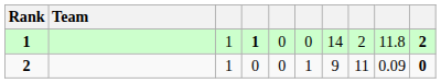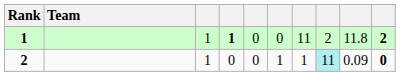 <table class="wikitable" style="text-align: center;">
 <tr>
 <th width=30>Rank</th>
 <th width=165 style="text-align:left;">Team</th>
 <th width=20></th>
 <th width=20></th>
 <th width=20></th>
 <th width=20></th>
 <th width=20></th>
 <th width=20></th>
 <th width=20></th>
 <th width=20></th>
 </tr>
 <tr style="background:#ccffcc;">
 <td><strong>1</strong></td>
 <td style="text-align:left;"></td>
 <td>1</td>
 <td><strong>1</strong></td>
 <td>0</td>
 <td>0</td>
-<td>14</td>
+<td>11</td>
 <td>2</td>
 <td>11.8</td>
 <td><strong>2</strong></td>
 </tr>
 <tr>
 <td><strong>2</strong></td>
 <td style="text-align:left;"></td>
 <td>1</td>
 <td>0</td>
 <td>0</td>
 <td>1</td>
-<td>9</td>
-<td>11</td>
+<td>1</td>
+<td style="background: paleturquoise;">11</td>
 <td>0.09</td>
 <td><strong>0</strong></td>
 </tr>
 </table>
